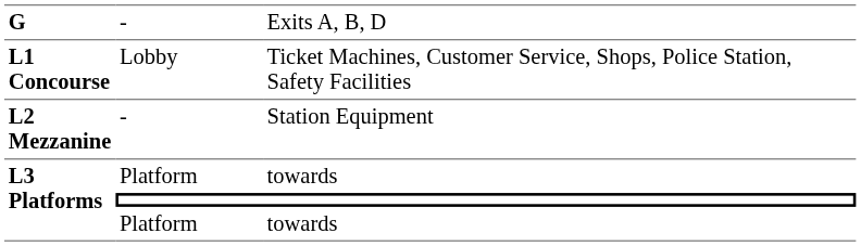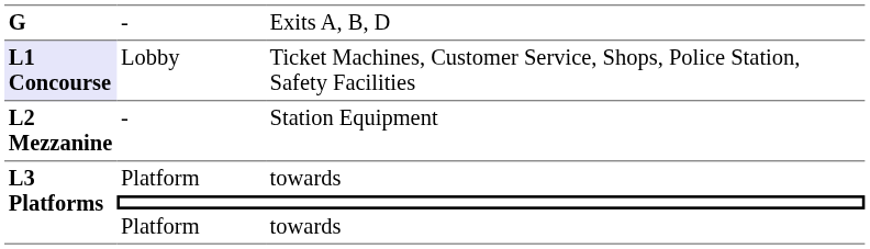 <table border=0 cellspacing=0 cellpadding=3>
 <tr>
 <td style="border-top:solid 1px gray;" width=50 valign=top><strong>G</strong></td>
 <td style="border-top:solid 1px gray;" width=100 valign=top>-</td>
 <td style="border-top:solid 1px gray;" width=420 valign=top>Exits A, B, D</td>
 </tr>
 <tr>
-<td style="border-bottom:solid 1px gray; border-top:solid 1px gray;" valign=top><strong>L1<br>Concourse</strong></td>
+<td style="background: lavender; border-bottom:solid 1px gray; border-top:solid 1px gray;" valign=top><strong>L1<br>Concourse</strong></td>
 <td style="border-bottom:solid 1px gray; border-top:solid 1px gray;" valign=top>Lobby</td>
 <td style="border-bottom:solid 1px gray; border-top:solid 1px gray;" valign=top>Ticket Machines, Customer Service, Shops, Police Station, Safety Facilities</td>
 </tr>
 <tr>
 <td style="border-bottom:solid 1px gray;" valign=top><strong>L2<br>Mezzanine</strong></td>
 <td style="border-bottom:solid 1px gray;" valign=top>-</td>
 <td style="border-bottom:solid 1px gray;" valign=top>Station Equipment</td>
 </tr>
 <tr>
 <td style="border-bottom:solid 1px gray;" rowspan=3 valign=top><strong>L3<br>Platforms</strong></td>
 <td>Platform </td>
 <td>  towards  </td>
 </tr>
 <tr>
 <td style="border-right:solid 2px black;border-left:solid 2px black;border-top:solid 2px black;border-bottom:solid 2px black;text-align:center;" colspan=2></td>
 </tr>
 <tr>
 <td style="border-bottom:solid 1px gray;">Platform </td>
 <td style="border-bottom:solid 1px gray;"> towards   </td>
 </tr>
 </table>
